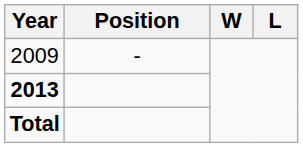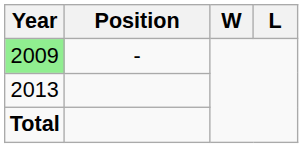 <table class="wikitable" style="text-align: center;">
 <tr>
 <th>Year</th>
 <th width="100">Position</th>
 <th width="25">W</th>
 <th width="25">L</th>
 </tr>
 <tr>
-<td> 2009</td>
+<td style="background: lightgreen;"> 2009</td>
 <td>-</td>
 </tr>
 <tr>
-<td><strong> 2013</strong></td>
+<td> 2013</td>
 <td></td>
 </tr>
 <tr>
 <td><strong>Total</strong></td>
 <td></td>
 </tr>
 </table>
